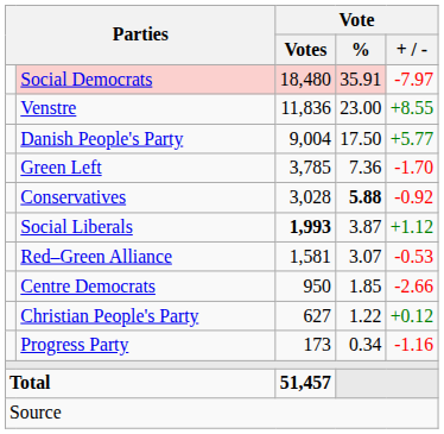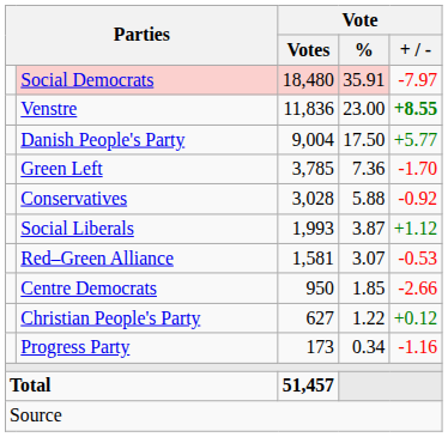 <table class="wikitable" style="text-align:right;">
 <tr>
 <th style="text-align:centre;" rowspan="2" colspan="2" width="225">Parties</th>
 <th colspan="3">Vote</th>
 </tr>
 <tr>
 <th width="15">Votes</th>
 <th width="15">%</th>
 <th width="15">+ / -</th>
 </tr>
 <tr>
 <td width="2" style="color:inherit;background:"></td>
 <td bgcolor=#fbd0ce  align="left"><a href='#'>Social Democrats</a></td>
 <td bgcolor=#fbd0ce>18,480</td>
 <td bgcolor=#fbd0ce>35.91</td>
 <td style=color:red;>-7.97</td>
 </tr>
 <tr>
 <td width="2" style="color:inherit;background:"></td>
 <td align="left"><a href='#'>Venstre</a></td>
 <td>11,836</td>
 <td>23.00</td>
-<td style=color:green;>+8.55</td>
+<td style=color:green;><strong>+8.55</strong></td>
 </tr>
 <tr>
 <td width="2" style="color:inherit;background:"></td>
 <td align="left"><a href='#'>Danish People's Party</a></td>
 <td>9,004</td>
 <td>17.50</td>
 <td style=color:green;>+5.77</td>
 </tr>
 <tr>
 <td width="2" style="color:inherit;background:"></td>
 <td align="left"><a href='#'>Green Left</a></td>
 <td>3,785</td>
 <td>7.36</td>
 <td style=color:red;>-1.70</td>
 </tr>
 <tr>
 <td width="2" style="color:inherit;background:"></td>
 <td align="left"><a href='#'>Conservatives</a></td>
 <td>3,028</td>
-<td><strong>5.88</strong></td>
+<td>5.88</td>
 <td style=color:red;>-0.92</td>
 </tr>
 <tr>
 <td width="2" style="color:inherit;background:"></td>
 <td align="left"><a href='#'>Social Liberals</a></td>
-<td><strong>1,993</strong></td>
+<td>1,993</td>
 <td>3.87</td>
 <td style=color:green;>+1.12</td>
 </tr>
 <tr>
 <td width="2" style="color:inherit;background:"></td>
 <td align="left"><a href='#'>Red–Green Alliance</a></td>
 <td>1,581</td>
 <td>3.07</td>
 <td style=color:red;>-0.53</td>
 </tr>
 <tr>
 <td width="2" style="color:inherit;background:"></td>
 <td align="left"><a href='#'>Centre Democrats</a></td>
 <td>950</td>
 <td>1.85</td>
 <td style=color:red;>-2.66</td>
 </tr>
 <tr>
 <td width="2" style="color:inherit;background:"></td>
 <td align="left"><a href='#'>Christian People's Party</a></td>
 <td>627</td>
 <td>1.22</td>
 <td style=color:green;>+0.12</td>
 </tr>
 <tr>
 <td width="2" style="color:inherit;background:"></td>
 <td align="left"><a href='#'>Progress Party</a></td>
 <td>173</td>
 <td>0.34</td>
 <td style=color:red;>-1.16</td>
 </tr>
 <tr>
 <td colspan="7" bgcolor="#E9E9E9"></td>
 </tr>
 <tr>
 <td align="left" colspan="2"><strong>Total</strong></td>
 <td><strong>51,457</strong></td>
 <td bgcolor="#E9E9E9" colspan="2"></td>
 </tr>
 <tr>
 <td align="left" colspan="6">Source</td>
 </tr>
 </table>
